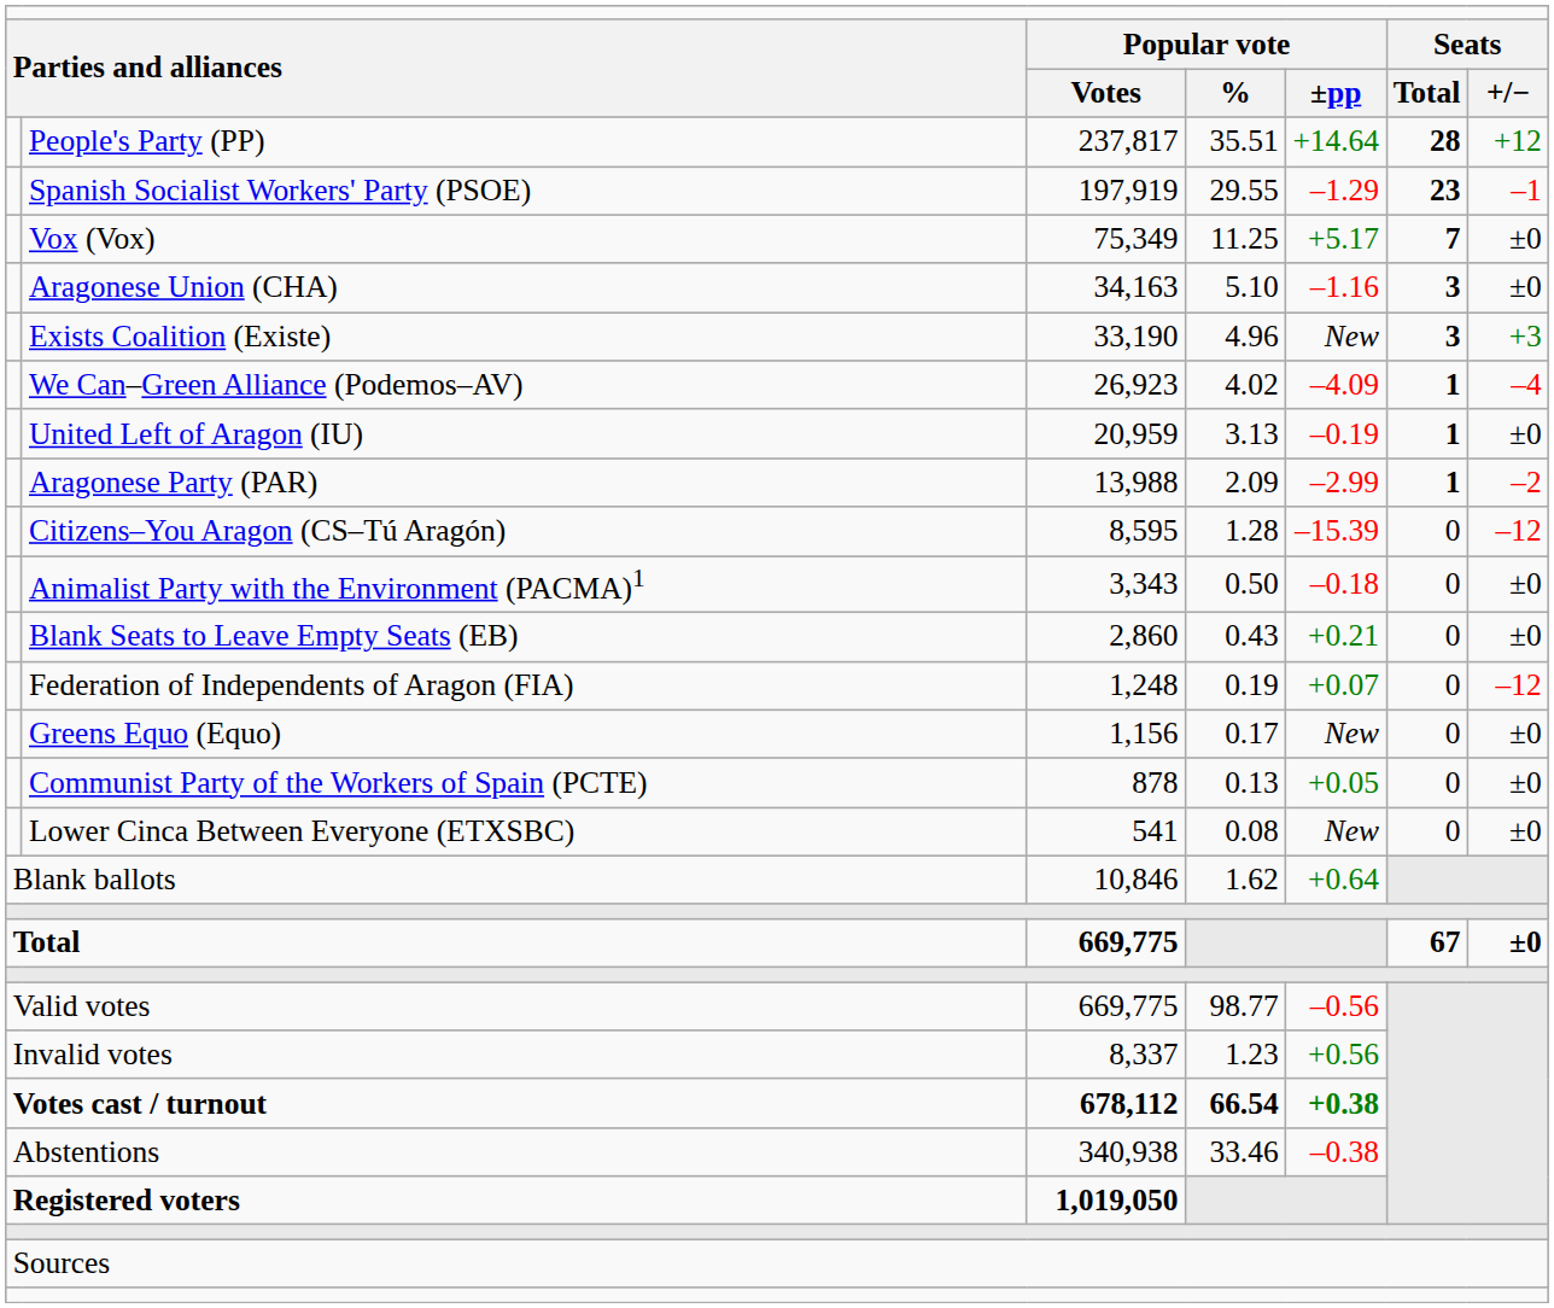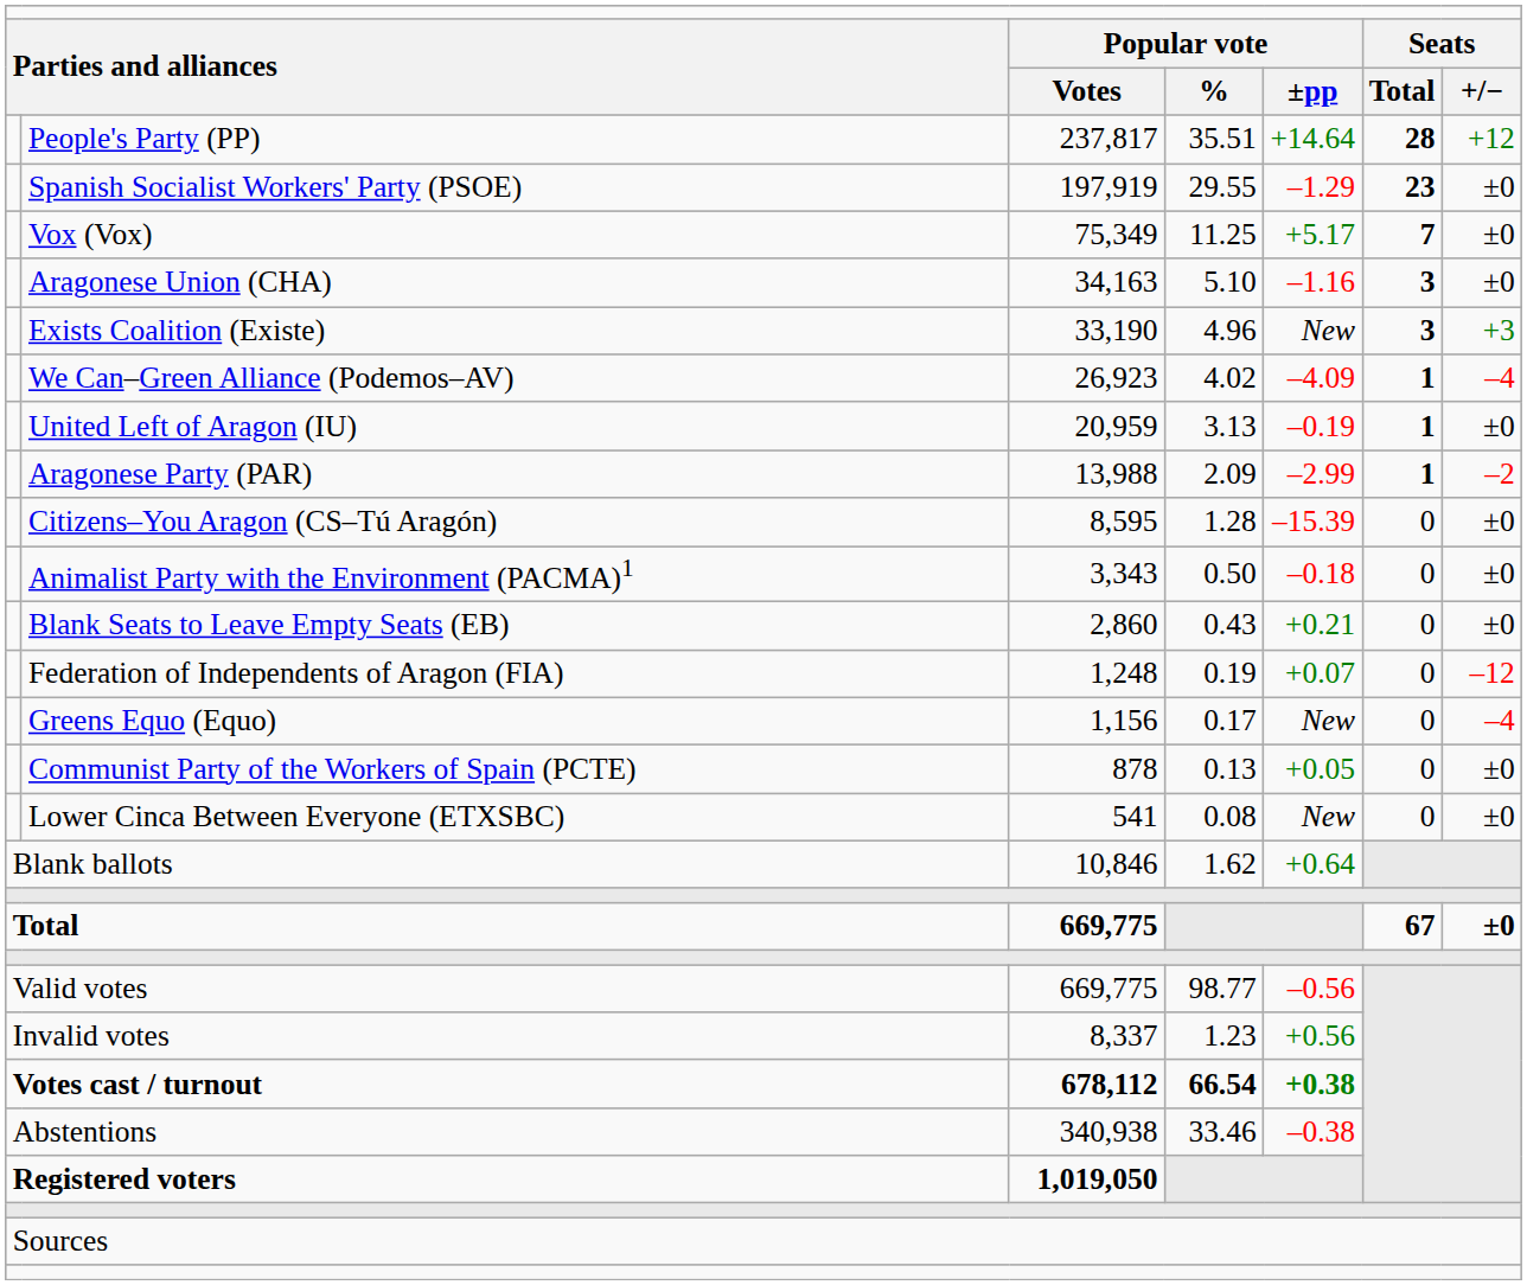 <table class="wikitable" style="text-align:right;">
 <tr>
 <td colspan="7"></td>
 </tr>
 <tr>
 <th style="text-align:left;" rowspan="2" colspan="2" width="525">Parties and alliances</th>
 <th colspan="3">Popular vote</th>
 <th colspan="2">Seats</th>
 </tr>
 <tr>
 <th width="75">Votes</th>
 <th width="45">%</th>
 <th width="45">±<a href='#'>pp</a></th>
 <th width="35">Total</th>
 <th width="35">+/−</th>
 </tr>
 <tr>
 <td width="1" style="color:inherit;background:"></td>
 <td align="left"><a href='#'>People's Party</a> (PP)</td>
 <td>237,817</td>
 <td>35.51</td>
 <td style="color:green;">+14.64</td>
 <td><strong>28</strong></td>
 <td style="color:green;">+12</td>
 </tr>
 <tr>
 <td style="color:inherit;background:"></td>
 <td align="left"><a href='#'>Spanish Socialist Workers' Party</a> (PSOE)</td>
 <td>197,919</td>
 <td>29.55</td>
 <td style="color:red;">–1.29</td>
 <td><strong>23</strong></td>
-<td style="color:red;">–1</td>
+<td>±0</td>
 </tr>
 <tr>
 <td style="color:inherit;background:"></td>
 <td align="left"><a href='#'>Vox</a> (Vox)</td>
 <td>75,349</td>
 <td>11.25</td>
 <td style="color:green;">+5.17</td>
 <td><strong>7</strong></td>
 <td>±0</td>
 </tr>
 <tr>
 <td style="color:inherit;background:"></td>
 <td align="left"><a href='#'>Aragonese Union</a> (CHA)</td>
 <td>34,163</td>
 <td>5.10</td>
 <td style="color:red;">–1.16</td>
 <td><strong>3</strong></td>
 <td>±0</td>
 </tr>
 <tr>
 <td style="color:inherit;background:"></td>
 <td align="left"><a href='#'>Exists Coalition</a> (Existe)</td>
 <td>33,190</td>
 <td>4.96</td>
 <td><em>New</em></td>
 <td><strong>3</strong></td>
 <td style="color:green;">+3</td>
 </tr>
 <tr>
 <td style="color:inherit;background:"></td>
 <td align="left"><a href='#'>We Can</a>–<a href='#'>Green Alliance</a> (Podemos–AV)</td>
 <td>26,923</td>
 <td>4.02</td>
 <td style="color:red;">–4.09</td>
 <td><strong>1</strong></td>
 <td style="color:red;">–4</td>
 </tr>
 <tr>
 <td style="color:inherit;background:"></td>
 <td align="left"><a href='#'>United Left of Aragon</a> (IU)</td>
 <td>20,959</td>
 <td>3.13</td>
 <td style="color:red;">–0.19</td>
 <td><strong>1</strong></td>
 <td>±0</td>
 </tr>
 <tr>
 <td style="color:inherit;background:"></td>
 <td align="left"><a href='#'>Aragonese Party</a> (PAR)</td>
 <td>13,988</td>
 <td>2.09</td>
 <td style="color:red;">–2.99</td>
 <td><strong>1</strong></td>
 <td style="color:red;">–2</td>
 </tr>
 <tr>
 <td style="color:inherit;background:"></td>
 <td align="left"><a href='#'>Citizens–You Aragon</a> (CS–Tú Aragón)</td>
 <td>8,595</td>
 <td>1.28</td>
 <td style="color:red;">–15.39</td>
 <td>0</td>
-<td style="color:red;">–12</td>
+<td>±0</td>
 </tr>
 <tr>
 <td style="color:inherit;background:"></td>
 <td align="left"><a href='#'>Animalist Party with the Environment</a> (PACMA)<sup>1</sup></td>
 <td>3,343</td>
 <td>0.50</td>
 <td style="color:red;">–0.18</td>
 <td>0</td>
 <td>±0</td>
 </tr>
 <tr>
 <td style="color:inherit;background:"></td>
 <td align="left"><a href='#'>Blank Seats to Leave Empty Seats</a> (EB)</td>
 <td>2,860</td>
 <td>0.43</td>
 <td style="color:green;">+0.21</td>
 <td>0</td>
 <td>±0</td>
 </tr>
 <tr>
 <td style="color:inherit;background:"></td>
 <td align="left">Federation of Independents of Aragon (FIA)</td>
 <td>1,248</td>
 <td>0.19</td>
 <td style="color:green;">+0.07</td>
 <td>0</td>
 <td style="color:red;">–12</td>
 </tr>
 <tr>
 <td style="color:inherit;background:"></td>
 <td align="left"><a href='#'>Greens Equo</a> (Equo)</td>
 <td>1,156</td>
 <td>0.17</td>
 <td><em>New</em></td>
 <td>0</td>
-<td>±0</td>
+<td style="color:red;">–4</td>
 </tr>
 <tr>
 <td style="color:inherit;background:"></td>
 <td align="left"><a href='#'>Communist Party of the Workers of Spain</a> (PCTE)</td>
 <td>878</td>
 <td>0.13</td>
 <td style="color:green;">+0.05</td>
 <td>0</td>
 <td>±0</td>
 </tr>
 <tr>
 <td style="color:inherit;background:"></td>
 <td align="left">Lower Cinca Between Everyone (ETXSBC)</td>
 <td>541</td>
 <td>0.08</td>
 <td><em>New</em></td>
 <td>0</td>
 <td>±0</td>
 </tr>
 <tr>
 <td align="left" colspan="2">Blank ballots</td>
 <td>10,846</td>
 <td>1.62</td>
 <td style="color:green;">+0.64</td>
 <td bgcolor="#E9E9E9" colspan="2"></td>
 </tr>
 <tr>
 <td colspan="7" bgcolor="#E9E9E9"></td>
 </tr>
 <tr style="font-weight:bold;">
 <td align="left" colspan="2">Total</td>
 <td>669,775</td>
 <td bgcolor="#E9E9E9" colspan="2"></td>
 <td>67</td>
 <td>±0</td>
 </tr>
 <tr>
 <td colspan="7" bgcolor="#E9E9E9"></td>
 </tr>
 <tr>
 <td align="left" colspan="2">Valid votes</td>
 <td>669,775</td>
 <td>98.77</td>
 <td style="color:red;">–0.56</td>
 <td bgcolor="#E9E9E9" colspan="2" rowspan="5"></td>
 </tr>
 <tr>
 <td align="left" colspan="2">Invalid votes</td>
 <td>8,337</td>
 <td>1.23</td>
 <td style="color:green;">+0.56</td>
 </tr>
 <tr style="font-weight:bold;">
 <td align="left" colspan="2">Votes cast / turnout</td>
 <td>678,112</td>
 <td>66.54</td>
 <td style="color:green;">+0.38</td>
 </tr>
 <tr>
 <td align="left" colspan="2">Abstentions</td>
 <td>340,938</td>
 <td>33.46</td>
 <td style="color:red;">–0.38</td>
 </tr>
 <tr style="font-weight:bold;">
 <td align="left" colspan="2">Registered voters</td>
 <td>1,019,050</td>
 <td bgcolor="#E9E9E9" colspan="2"></td>
 </tr>
 <tr>
 <td colspan="7" bgcolor="#E9E9E9"></td>
 </tr>
 <tr>
 <td align="left" colspan="7">Sources</td>
 </tr>
 <tr>
 <td colspan="7" style="text-align:left; max-width:790px;"></td>
 </tr>
 </table>
